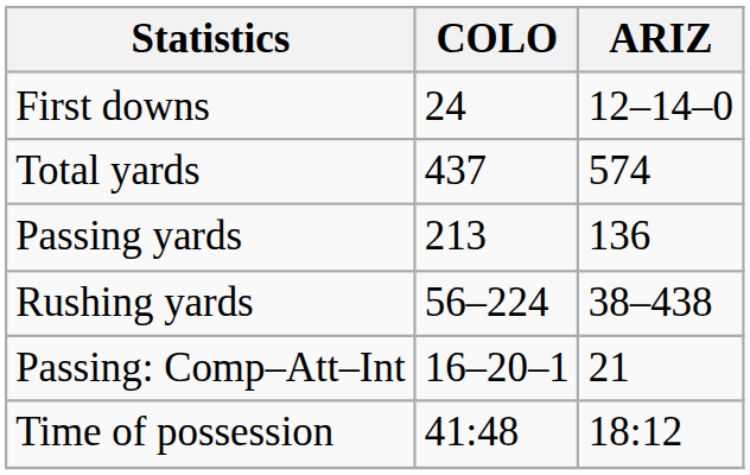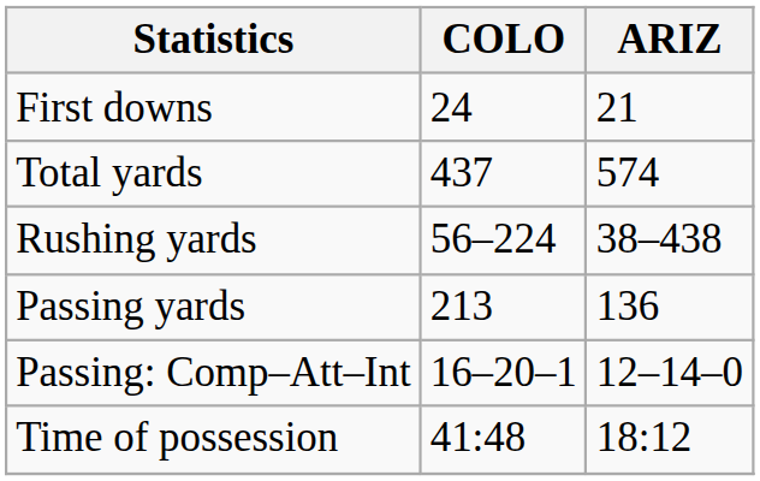 <table class="wikitable" style="float: left;">
 <tr>
 <th>Statistics</th>
 <th>COLO</th>
 <th>ARIZ</th>
 </tr>
 <tr>
 <td>First downs</td>
 <td>24</td>
-<td>12–14–0</td>
+<td>21</td>
 </tr>
 <tr>
 <td>Total yards</td>
 <td>437</td>
 <td>574</td>
 </tr>
 <tr>
+<td>Rushing yards</td>
+<td>56–224</td>
+<td>38–438</td>
+</tr>
+<tr>
 <td>Passing yards</td>
 <td>213</td>
 <td>136</td>
 </tr>
 <tr>
-<td>Rushing yards</td>
-<td>56–224</td>
-<td>38–438</td>
-</tr>
-<tr>
 <td>Passing: Comp–Att–Int</td>
 <td>16–20–1</td>
-<td>21</td>
+<td>12–14–0</td>
 </tr>
 <tr>
 <td>Time of possession</td>
 <td>41:48</td>
 <td>18:12</td>
 </tr>
 <tr>
 </tr>
 </table>
